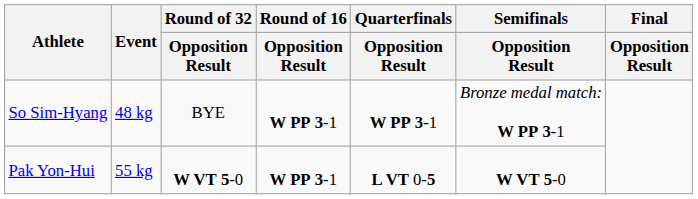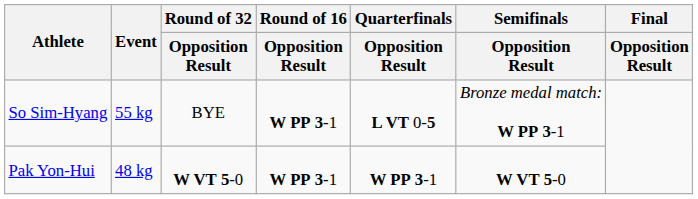 <table class="wikitable" border="1" style="font-size:90%">
 <tr>
 <th rowspan=2>Athlete</th>
 <th rowspan=2>Event</th>
 <th>Round of 32</th>
 <th>Round of 16</th>
 <th>Quarterfinals</th>
 <th>Semifinals</th>
 <th>Final</th>
 </tr>
 <tr>
 <th>Opposition<br>Result</th>
 <th>Opposition<br>Result</th>
 <th>Opposition<br>Result</th>
 <th>Opposition<br>Result</th>
 <th>Opposition<br>Result</th>
 </tr>
 <tr>
 <td><a href='#'>So Sim-Hyang</a></td>
-<td><a href='#'>48 kg</a></td>
+<td><a href='#'>55 kg</a></td>
 <td align=center>BYE</td>
 <td align=center><br><strong>W PP</strong> <strong>3</strong>-1</td>
-<td align=center><br><strong>W PP</strong> <strong>3</strong>-1</td>
+<td align=center><br><strong>L VT</strong> 0-<strong>5</strong></td>
 <td align=center><em>Bronze medal match:</em><br><br><strong>W PP</strong> <strong>3</strong>-1<br></td>
 </tr>
 <tr>
 <td><a href='#'>Pak Yon-Hui</a></td>
-<td><a href='#'>55 kg</a></td>
+<td><a href='#'>48 kg</a></td>
 <td align=center><br><strong>W VT</strong> <strong>5</strong>-0</td>
 <td align=center><br><strong>W PP</strong> <strong>3</strong>-1</td>
-<td align=center><br><strong>L VT</strong> 0-<strong>5</strong></td>
+<td align=center><br><strong>W PP</strong> <strong>3</strong>-1</td>
 <td align=center><br><strong>W VT</strong> <strong>5</strong>-0<br></td>
 </tr>
 </table>
